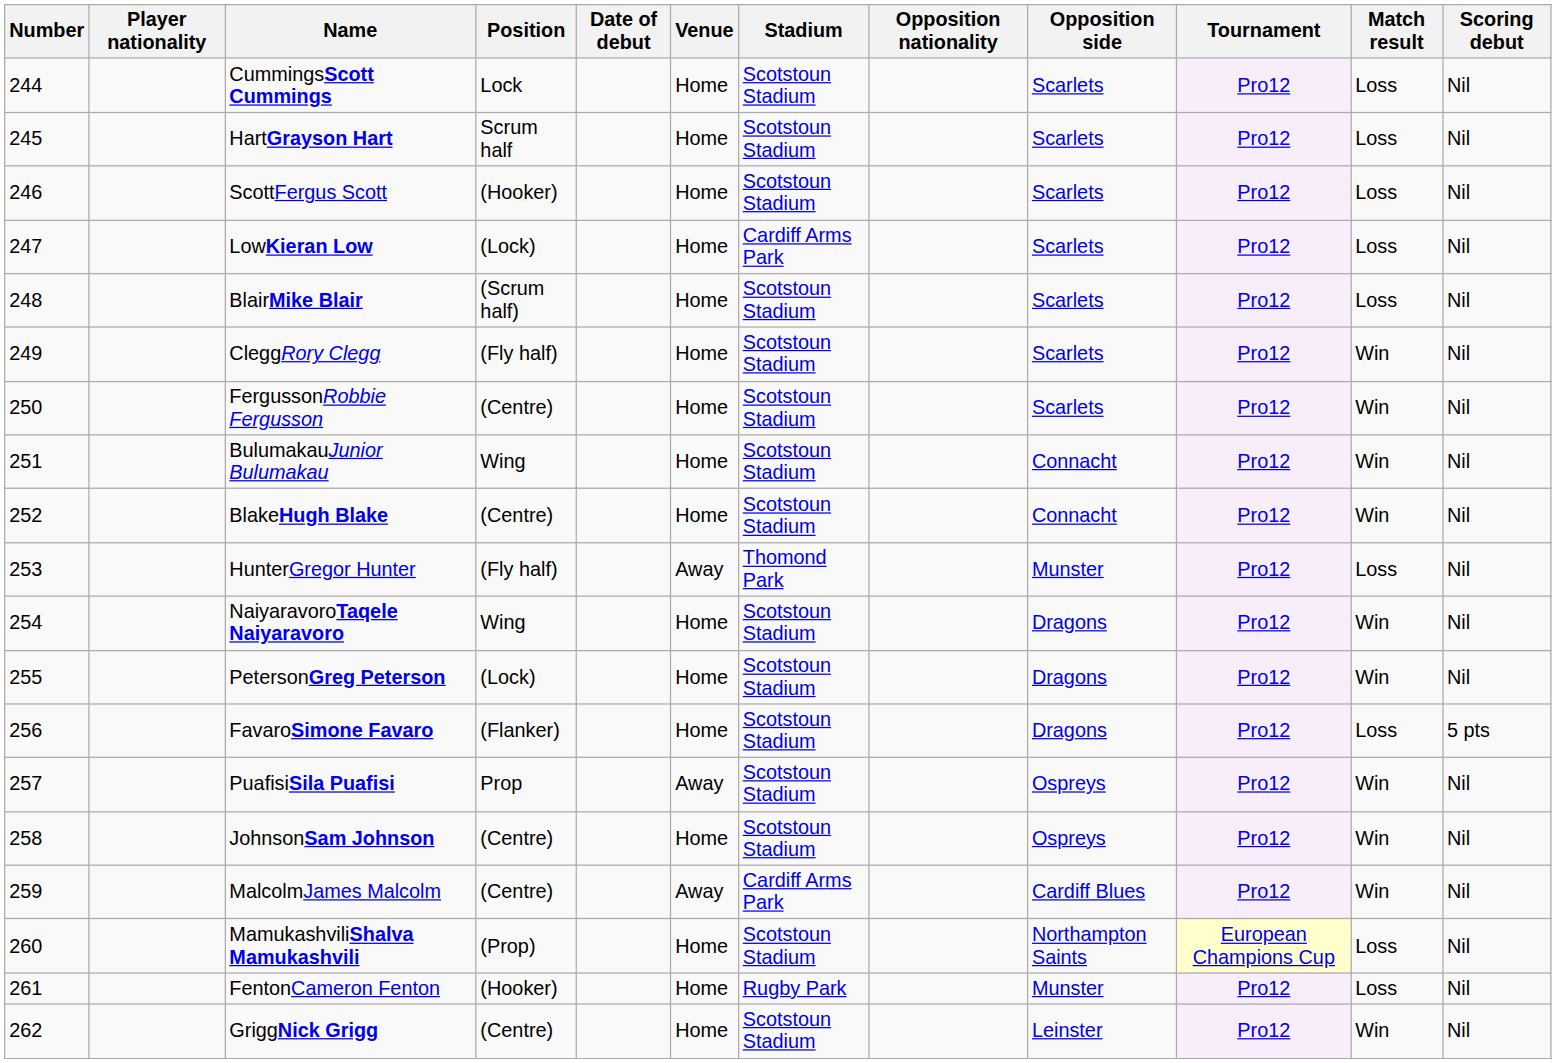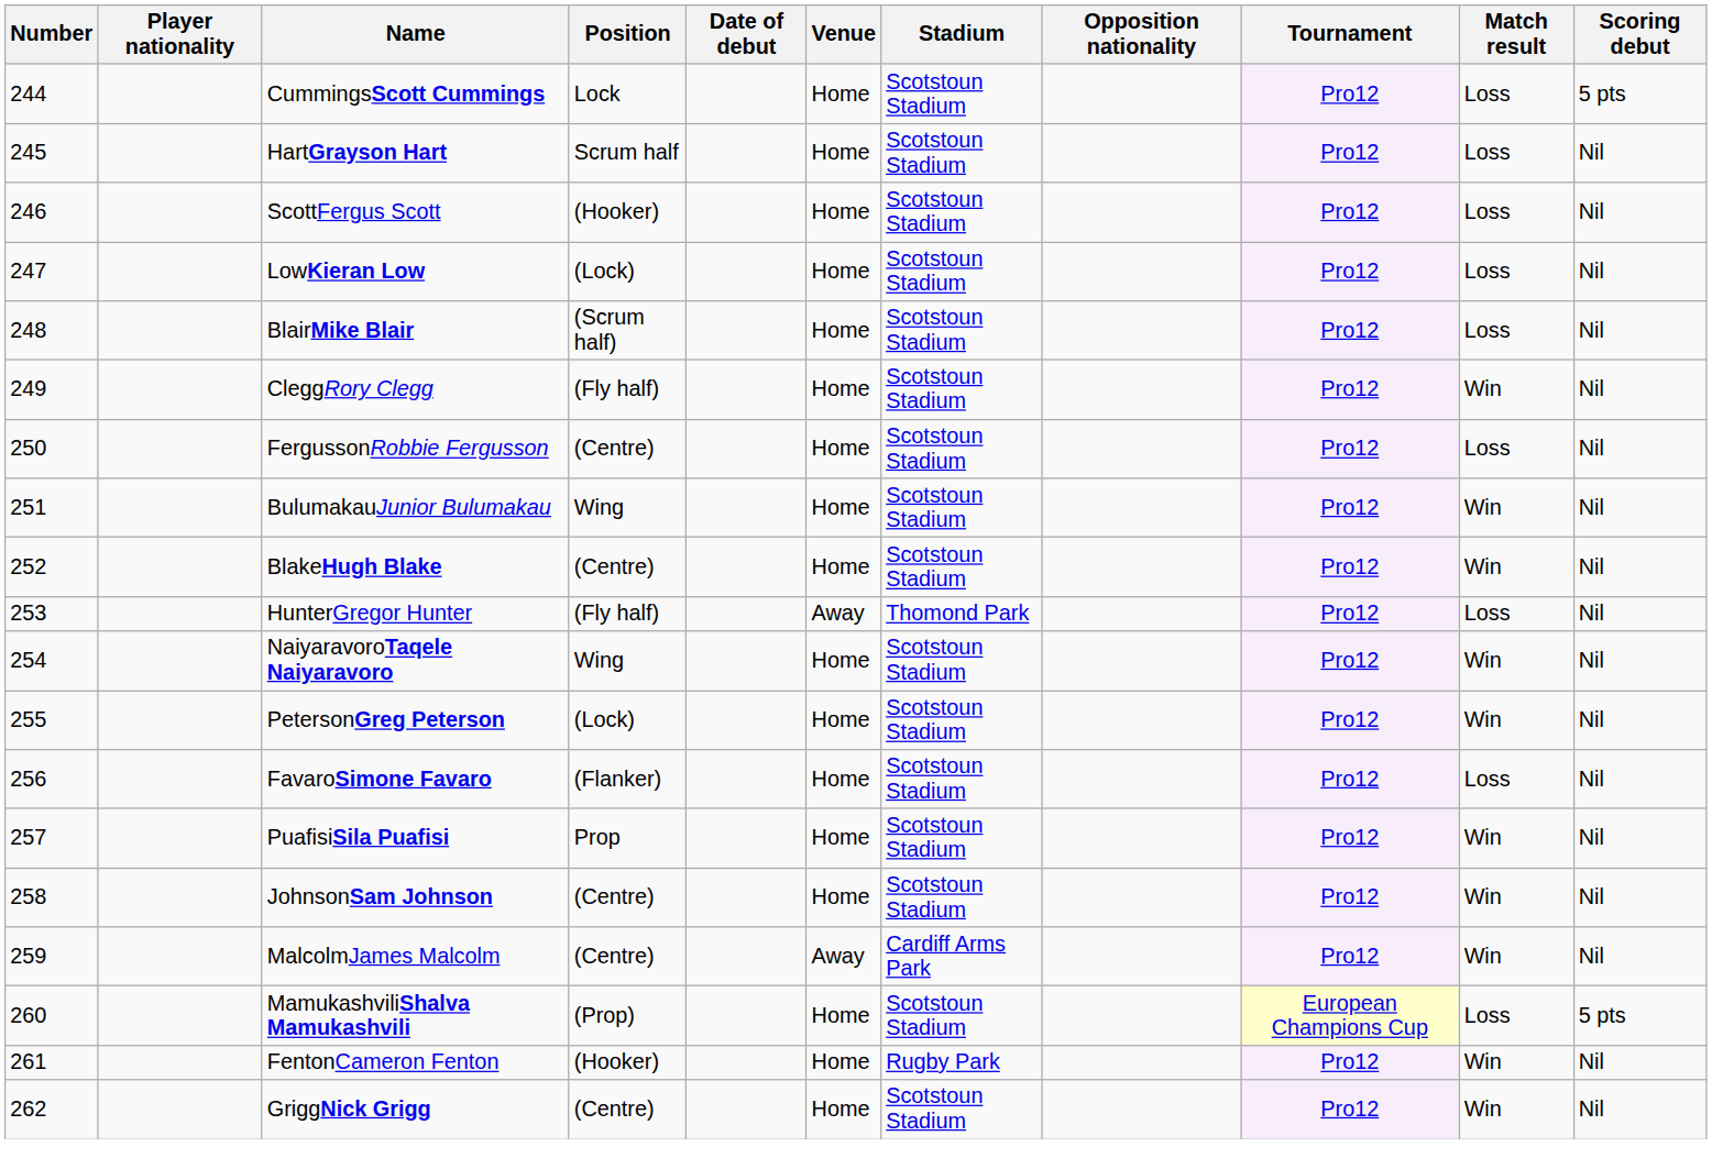 <table class="sortable wikitable">
 <tr>
 <th data-sort-type="number">Number</th>
 <th>Player nationality</th>
 <th>Name</th>
 <th>Position</th>
 <th>Date of debut</th>
 <th>Venue</th>
 <th>Stadium</th>
 <th>Opposition nationality</th>
-<th>Opposition side</th>
 <th>Tournament</th>
 <th>Match result</th>
 <th>Scoring debut</th>
 </tr>
 <tr>
 <td>244</td>
 <td style="text-align:center;"></td>
 <td><span>Cummings</span><strong><a href='#'>Scott Cummings</a></strong></td>
 <td>Lock</td>
 <td></td>
 <td>Home</td>
 <td><a href='#'>Scotstoun Stadium</a></td>
 <td style="text-align:center;"></td>
-<td><a href='#'>Scarlets</a></td>
 <td style="text-align:center; background:#F8EDFA;"><a href='#'>Pro12</a></td>
 <td>Loss</td>
-<td>Nil</td>
+<td>5 pts</td>
 </tr>
 <tr>
 <td>245</td>
 <td style="text-align:center;"></td>
 <td><span>Hart</span><strong><a href='#'>Grayson Hart</a></strong></td>
 <td>Scrum half</td>
 <td></td>
 <td>Home</td>
 <td><a href='#'>Scotstoun Stadium</a></td>
 <td style="text-align:center;"></td>
-<td><a href='#'>Scarlets</a></td>
 <td style="text-align:center; background:#F8EDFA;"><a href='#'>Pro12</a></td>
 <td>Loss</td>
 <td>Nil</td>
 </tr>
 <tr>
 <td>246</td>
 <td style="text-align:center;"></td>
 <td><span>Scott</span><a href='#'>Fergus Scott</a></td>
 <td>(Hooker)</td>
 <td></td>
 <td>Home</td>
 <td><a href='#'>Scotstoun Stadium</a></td>
 <td style="text-align:center;"></td>
-<td><a href='#'>Scarlets</a></td>
 <td style="text-align:center; background:#F8EDFA;"><a href='#'>Pro12</a></td>
 <td>Loss</td>
 <td>Nil</td>
 </tr>
 <tr>
 <td>247</td>
 <td style="text-align:center;"></td>
 <td><span>Low</span><strong><a href='#'>Kieran Low</a></strong></td>
 <td>(Lock)</td>
 <td></td>
 <td>Home</td>
-<td><a href='#'>Cardiff Arms Park</a></td>
+<td><a href='#'>Scotstoun Stadium</a></td>
 <td style="text-align:center;"></td>
-<td><a href='#'>Scarlets</a></td>
 <td style="text-align:center; background:#F8EDFA;"><a href='#'>Pro12</a></td>
 <td>Loss</td>
 <td>Nil</td>
 </tr>
 <tr>
 <td>248</td>
 <td style="text-align:center;"></td>
 <td><span>Blair</span><strong><a href='#'>Mike Blair</a></strong></td>
 <td>(Scrum half)</td>
 <td></td>
 <td>Home</td>
 <td><a href='#'>Scotstoun Stadium</a></td>
 <td style="text-align:center;"></td>
-<td><a href='#'>Scarlets</a></td>
 <td style="text-align:center; background:#F8EDFA;"><a href='#'>Pro12</a></td>
 <td>Loss</td>
 <td>Nil</td>
 </tr>
 <tr>
 <td>249</td>
 <td style="text-align:center;"></td>
 <td><span>Clegg</span><em><a href='#'>Rory Clegg</a></em></td>
 <td>(Fly half)</td>
 <td></td>
 <td>Home</td>
 <td><a href='#'>Scotstoun Stadium</a></td>
 <td style="text-align:center;"></td>
-<td><a href='#'>Scarlets</a></td>
 <td style="text-align:center; background:#F8EDFA;"><a href='#'>Pro12</a></td>
 <td>Win</td>
 <td>Nil</td>
 </tr>
 <tr>
 <td>250</td>
 <td style="text-align:center;"></td>
 <td><span>Fergusson</span><em><a href='#'>Robbie Fergusson</a></em></td>
 <td>(Centre)</td>
 <td></td>
 <td>Home</td>
 <td><a href='#'>Scotstoun Stadium</a></td>
 <td style="text-align:center;"></td>
-<td><a href='#'>Scarlets</a></td>
 <td style="text-align:center; background:#F8EDFA;"><a href='#'>Pro12</a></td>
-<td>Win</td>
+<td>Loss</td>
 <td>Nil</td>
 </tr>
 <tr>
 <td>251</td>
 <td style="text-align:center;"></td>
 <td><span>Bulumakau</span><em><a href='#'>Junior Bulumakau</a></em></td>
 <td>Wing</td>
 <td></td>
 <td>Home</td>
 <td><a href='#'>Scotstoun Stadium</a></td>
 <td style="text-align:center;"></td>
-<td><a href='#'>Connacht</a></td>
 <td style="text-align:center; background:#F8EDFA;"><a href='#'>Pro12</a></td>
 <td>Win</td>
 <td>Nil</td>
 </tr>
 <tr>
 <td>252</td>
 <td style="text-align:center;"></td>
 <td><span>Blake</span><strong><a href='#'>Hugh Blake</a></strong></td>
 <td>(Centre)</td>
 <td></td>
 <td>Home</td>
 <td><a href='#'>Scotstoun Stadium</a></td>
 <td style="text-align:center;"></td>
-<td><a href='#'>Connacht</a></td>
 <td style="text-align:center; background:#F8EDFA;"><a href='#'>Pro12</a></td>
 <td>Win</td>
 <td>Nil</td>
 </tr>
 <tr>
 <td>253</td>
 <td style="text-align:center;"></td>
 <td><span>Hunter</span><a href='#'>Gregor Hunter</a></td>
 <td>(Fly half)</td>
 <td></td>
 <td>Away</td>
 <td><a href='#'>Thomond Park</a></td>
 <td style="text-align:center;"></td>
-<td><a href='#'>Munster</a></td>
 <td style="text-align:center; background:#F8EDFA;"><a href='#'>Pro12</a></td>
 <td>Loss</td>
 <td>Nil</td>
 </tr>
 <tr>
 <td>254</td>
 <td style="text-align:center;"></td>
 <td><span>Naiyaravoro</span><strong><a href='#'>Taqele Naiyaravoro</a></strong></td>
 <td>Wing</td>
 <td></td>
 <td>Home</td>
 <td><a href='#'>Scotstoun Stadium</a></td>
 <td style="text-align:center;"></td>
-<td><a href='#'>Dragons</a></td>
 <td style="text-align:center; background:#F8EDFA;"><a href='#'>Pro12</a></td>
 <td>Win</td>
 <td>Nil</td>
 </tr>
 <tr>
 <td>255</td>
 <td style="text-align:center;"></td>
 <td><span>Peterson</span><strong><a href='#'>Greg Peterson</a></strong></td>
 <td>(Lock)</td>
 <td></td>
 <td>Home</td>
 <td><a href='#'>Scotstoun Stadium</a></td>
 <td style="text-align:center;"></td>
-<td><a href='#'>Dragons</a></td>
 <td style="text-align:center; background:#F8EDFA;"><a href='#'>Pro12</a></td>
 <td>Win</td>
 <td>Nil</td>
 </tr>
 <tr>
 <td>256</td>
 <td style="text-align:center;"></td>
 <td><span>Favaro</span><strong><a href='#'>Simone Favaro</a></strong></td>
 <td>(Flanker)</td>
 <td></td>
 <td>Home</td>
 <td><a href='#'>Scotstoun Stadium</a></td>
 <td style="text-align:center;"></td>
-<td><a href='#'>Dragons</a></td>
 <td style="text-align:center; background:#F8EDFA;"><a href='#'>Pro12</a></td>
 <td>Loss</td>
-<td>5 pts</td>
+<td>Nil</td>
 </tr>
 <tr>
 <td>257</td>
 <td style="text-align:center;"></td>
 <td><span>Puafisi</span><strong><a href='#'>Sila Puafisi</a></strong></td>
 <td>Prop</td>
 <td></td>
-<td>Away</td>
+<td>Home</td>
 <td><a href='#'>Scotstoun Stadium</a></td>
 <td style="text-align:center;"></td>
-<td><a href='#'>Ospreys</a></td>
 <td style="text-align:center; background:#F8EDFA;"><a href='#'>Pro12</a></td>
 <td>Win</td>
 <td>Nil</td>
 </tr>
 <tr>
 <td>258</td>
 <td style="text-align:center;"></td>
 <td><span>Johnson</span><strong><a href='#'>Sam Johnson</a></strong></td>
 <td>(Centre)</td>
 <td></td>
 <td>Home</td>
 <td><a href='#'>Scotstoun Stadium</a></td>
 <td style="text-align:center;"></td>
-<td><a href='#'>Ospreys</a></td>
 <td style="text-align:center; background:#F8EDFA;"><a href='#'>Pro12</a></td>
 <td>Win</td>
 <td>Nil</td>
 </tr>
 <tr>
 <td>259</td>
 <td style="text-align:center;"></td>
 <td><span>Malcolm</span><a href='#'>James Malcolm</a></td>
 <td>(Centre)</td>
 <td></td>
 <td>Away</td>
 <td><a href='#'>Cardiff Arms Park</a></td>
 <td style="text-align:center;"></td>
-<td><a href='#'>Cardiff Blues</a></td>
 <td style="text-align:center; background:#F8EDFA;"><a href='#'>Pro12</a></td>
 <td>Win</td>
 <td>Nil</td>
 </tr>
 <tr>
 <td>260</td>
 <td style="text-align:center;"></td>
 <td><span>Mamukashvili</span><strong><a href='#'>Shalva Mamukashvili</a></strong></td>
 <td>(Prop)</td>
 <td></td>
 <td>Home</td>
 <td><a href='#'>Scotstoun Stadium</a></td>
 <td style="text-align:center;"></td>
-<td><a href='#'>Northampton Saints</a></td>
 <td style="text-align:center; background:#ffffcc;"><a href='#'>European Champions Cup</a></td>
 <td>Loss</td>
-<td>Nil</td>
+<td>5 pts</td>
 </tr>
 <tr>
 <td>261</td>
 <td style="text-align:center;"></td>
 <td><span>Fenton</span><a href='#'>Cameron Fenton</a></td>
 <td>(Hooker)</td>
 <td></td>
 <td>Home</td>
 <td><a href='#'>Rugby Park</a></td>
 <td style="text-align:center;"></td>
-<td><a href='#'>Munster</a></td>
 <td style="text-align:center; background:#F8EDFA;"><a href='#'>Pro12</a></td>
-<td>Loss</td>
+<td>Win</td>
 <td>Nil</td>
 </tr>
 <tr>
 <td>262</td>
 <td style="text-align:center;"></td>
 <td><span>Grigg</span><strong><a href='#'>Nick Grigg</a></strong></td>
 <td>(Centre)</td>
 <td></td>
 <td>Home</td>
 <td><a href='#'>Scotstoun Stadium</a></td>
 <td style="text-align:center;"></td>
-<td><a href='#'>Leinster</a></td>
 <td style="text-align:center; background:#F8EDFA;"><a href='#'>Pro12</a></td>
 <td>Win</td>
 <td>Nil</td>
 </tr>
 </table>
